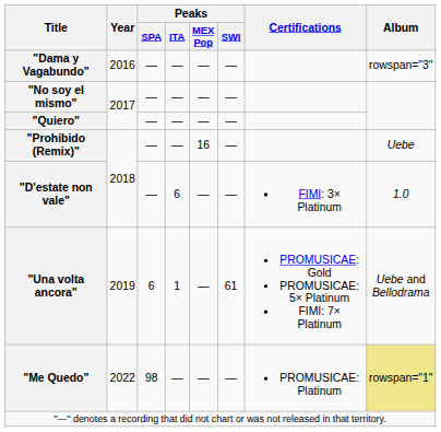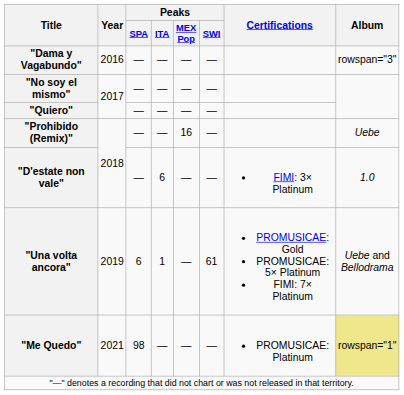 <table class="wikitable plainrowheaders" style="text-align:center;">
 <tr>
 <th scope="col" rowspan="2" style="width:18em;">Title</th>
 <th scope="col" rowspan="2" style="width:1em;">Year</th>
 <th scope="col" colspan="4">Peaks</th>
 <th scope="col" rowspan="2" style="width:13em;"><a href='#'>Certifications</a></th>
 <th scope="col" rowspan="2">Album</th>
 </tr>
 <tr>
 <th scope="col" style="width:3em;font-size:90%;"><a href='#'>SPA</a><br></th>
 <th scope="col" style="width:3em;font-size:90%;"><a href='#'>ITA</a><br></th>
 <th scope="col" style="width:3em;font-size:90%;"><a href='#'>MEX<br>Pop</a><br></th>
 <th scope="col" style="width:3em;font-size:90%;"><a href='#'>SWI</a><br></th>
 </tr>
 <tr>
 <th scope="row">"Dama y Vagabundo"<br></th>
 <td>2016</td>
 <td>—</td>
 <td>—</td>
 <td>—</td>
 <td>—</td>
 <td></td>
 <td>rowspan="3" </td>
 </tr>
 <tr>
 <th scope="row">"No soy el mismo"<br></th>
 <td rowspan="2">2017</td>
 <td>—</td>
 <td>—</td>
 <td>—</td>
 <td>—</td>
 <td></td>
 </tr>
 <tr>
 <th scope="row">"Quiero"<br></th>
 <td>—</td>
 <td>—</td>
 <td>—</td>
 <td>—</td>
 <td></td>
 </tr>
 <tr>
 <th scope="row">"Prohibido (Remix)"<br></th>
 <td rowspan="2">2018</td>
 <td>—</td>
 <td>—</td>
 <td>16</td>
 <td>—</td>
 <td></td>
 <td><em>Uebe</em></td>
 </tr>
 <tr>
 <th scope="row">"D'estate non vale"<br></th>
 <td>—</td>
 <td>6</td>
 <td>—</td>
 <td>—</td>
 <td><br><ul><li><a href='#'>FIMI</a>: 3× Platinum</li></ul></td>
 <td><em>1.0</em></td>
 </tr>
 <tr>
 <th scope="row">"Una volta ancora"<br></th>
 <td>2019</td>
 <td>6</td>
 <td>1</td>
 <td>—</td>
 <td>61</td>
 <td><br><ul><li><a href='#'>PROMUSICAE</a>: Gold</li><li>PROMUSICAE: 5× Platinum </li><li>FIMI: 7× Platinum</li></ul></td>
 <td><em>Uebe</em> and <em>Bellodrama</em></td>
 </tr>
 <tr>
 <th scope="row">"Me Quedo"<br></th>
-<td rowspan="1">2022</td>
+<td rowspan="1">2021</td>
 <td>98</td>
 <td>—</td>
 <td>—</td>
 <td>—</td>
 <td><br><ul><li>PROMUSICAE: Platinum</li></ul></td>
 <td style="background: khaki;">rowspan="1" </td>
 </tr>
 <tr>
 <td colspan="15" style="text-align:center; font-size:85%;">"—" denotes a recording that did not chart or was not released in that territory.</td>
 </tr>
 </table>
